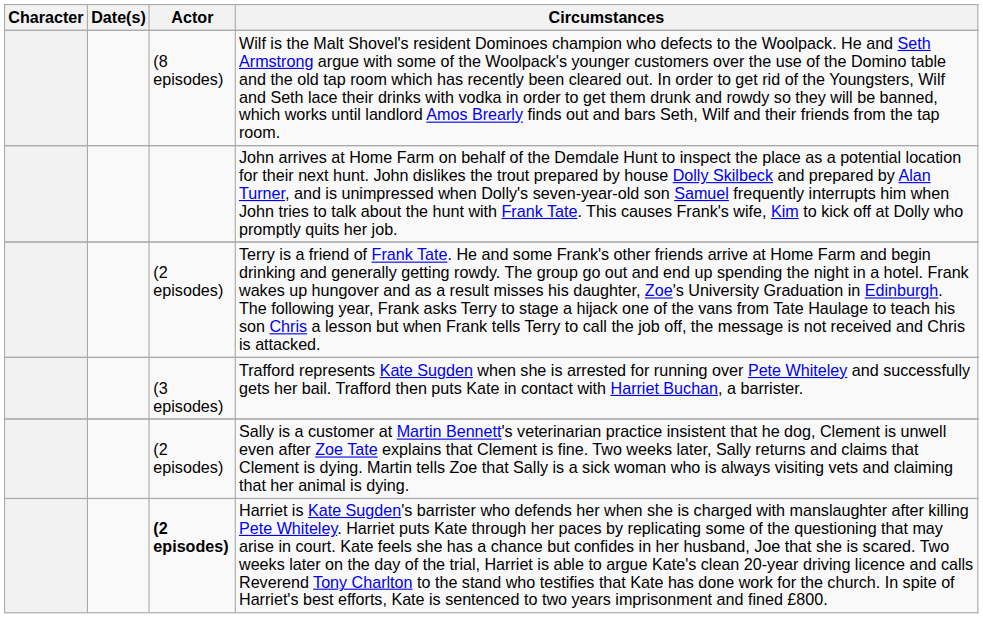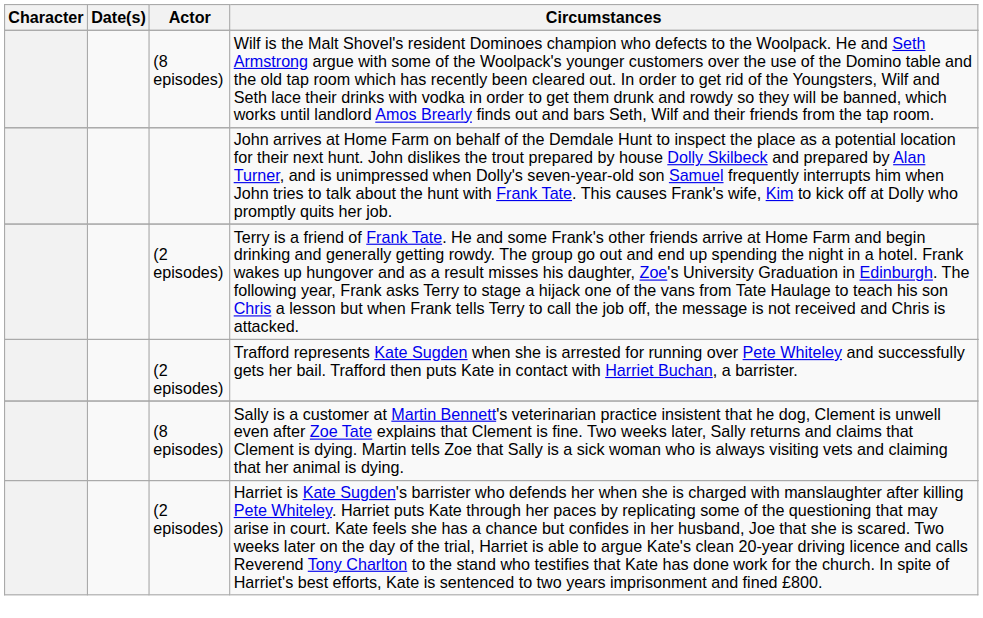 <table class="wikitable plainrowheaders" style="font-size:90%">
 <tr>
 <th scope="col">Character</th>
 <th scope="col">Date(s)</th>
 <th scope="col">Actor</th>
 <th scope="col">Circumstances</th>
 </tr>
 <tr>
 </tr>
 <tr valign="top">
 <th scope="row"></th>
 <td></td>
 <td><br>(8 episodes)</td>
 <td> Wilf is the Malt Shovel's resident Dominoes champion who defects to the Woolpack. He and <a href='#'>Seth Armstrong</a> argue with some of the Woolpack's younger customers over the use of the Domino table and the old tap room which has recently been cleared out. In order to get rid of the Youngsters, Wilf and Seth lace their drinks with vodka in order to get them drunk and rowdy so they will be banned, which works until landlord <a href='#'>Amos Brearly</a> finds out and bars Seth, Wilf and their friends from the tap room.</td>
 </tr>
 <tr>
 </tr>
 <tr valign="top">
 <th scope="row"></th>
 <td></td>
 <td></td>
 <td> John arrives at Home Farm on behalf of the Demdale Hunt to inspect the place as a potential location for their next hunt. John dislikes the trout prepared by house <a href='#'>Dolly Skilbeck</a> and prepared by <a href='#'>Alan Turner</a>, and is unimpressed when Dolly's seven-year-old son <a href='#'>Samuel</a> frequently interrupts him when John tries to talk about the hunt with <a href='#'>Frank Tate</a>. This causes Frank's wife, <a href='#'>Kim</a> to kick off at Dolly who promptly quits her job.</td>
 </tr>
 <tr>
 </tr>
 <tr valign="top">
 <th scope="row"></th>
 <td></td>
 <td><br> (2 episodes)</td>
 <td> Terry is a friend of <a href='#'>Frank Tate</a>. He and some Frank's other friends arrive at Home Farm and begin drinking and generally getting rowdy. The group go out and end up spending the night in a hotel. Frank wakes up hungover and as a result misses his daughter, <a href='#'>Zoe</a>'s University Graduation in <a href='#'>Edinburgh</a>. The following year, Frank asks Terry to stage a hijack one of the vans from Tate Haulage to teach his son <a href='#'>Chris</a> a lesson but when Frank tells Terry to call the job off, the message is not received and Chris is attacked.</td>
 </tr>
 <tr>
 </tr>
 <tr valign="top">
 <th scope="row"></th>
 <td></td>
-<td><br>(3 episodes)</td>
+<td><br> (2 episodes)</td>
 <td>Trafford represents <a href='#'>Kate Sugden</a> when she is arrested for running over <a href='#'>Pete Whiteley</a> and successfully gets her bail. Trafford then puts Kate in contact with <a href='#'>Harriet Buchan</a>, a barrister.</td>
 </tr>
 <tr>
 </tr>
 <tr valign="top">
 <th scope="row"></th>
 <td></td>
-<td><br>(2 episodes)</td>
+<td><br>(8 episodes)</td>
 <td>Sally is a customer at <a href='#'>Martin Bennett</a>'s veterinarian practice insistent that he dog, Clement is unwell even after <a href='#'>Zoe Tate</a> explains that Clement is fine. Two weeks later, Sally returns and claims that Clement is dying. Martin tells Zoe that Sally is a sick woman who is always visiting vets and claiming that her animal is dying.</td>
 </tr>
 <tr>
 </tr>
 <tr valign="top">
 <th scope="row"> </th>
 <td></td>
-<td><strong> <br>(2 episodes)</strong></td>
+<td> <br>(2 episodes)</td>
 <td>Harriet is <a href='#'>Kate Sugden</a>'s barrister who defends her when she is charged with manslaughter after killing <a href='#'>Pete Whiteley</a>. Harriet puts Kate through her paces by replicating some of the questioning that may arise in court. Kate feels she has a chance but confides in her husband, Joe that she is scared. Two weeks later on the day of the trial, Harriet is able to argue Kate's clean 20-year driving licence and calls Reverend <a href='#'>Tony Charlton</a> to the stand who testifies that Kate has done work for the church. In spite of Harriet's best efforts, Kate is sentenced to two years imprisonment and fined £800.</td>
 </tr>
 </table>
